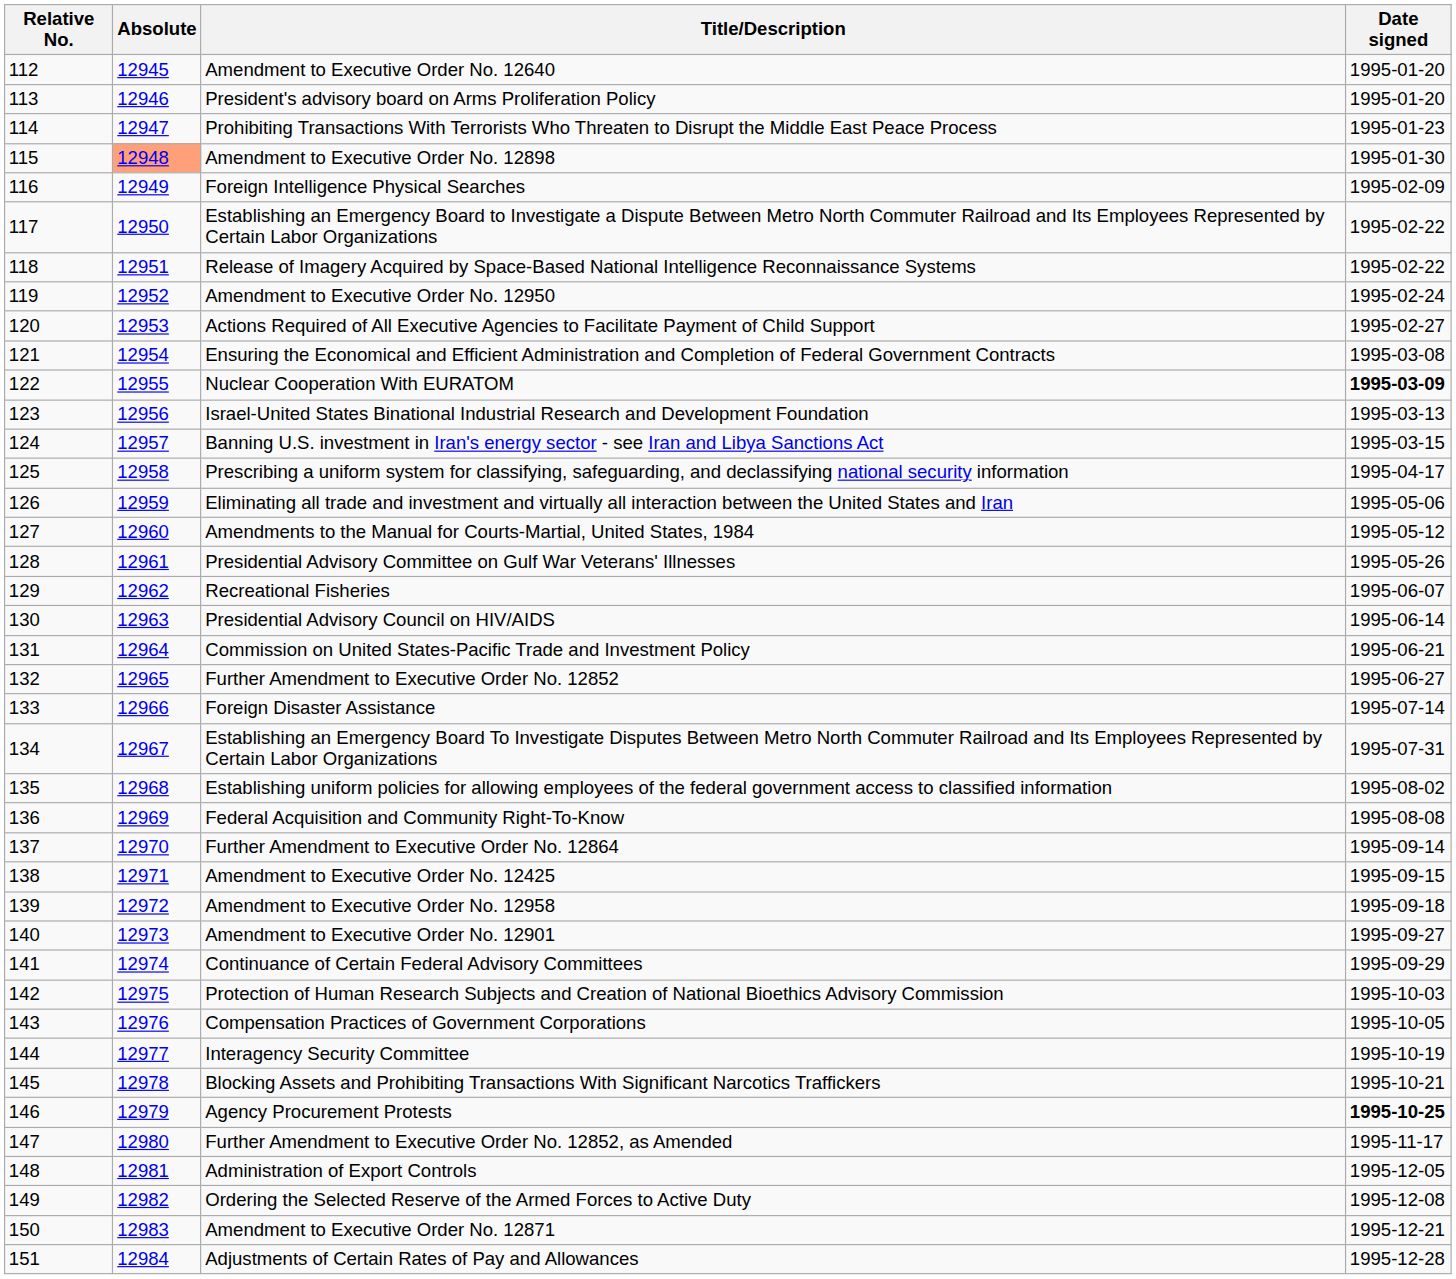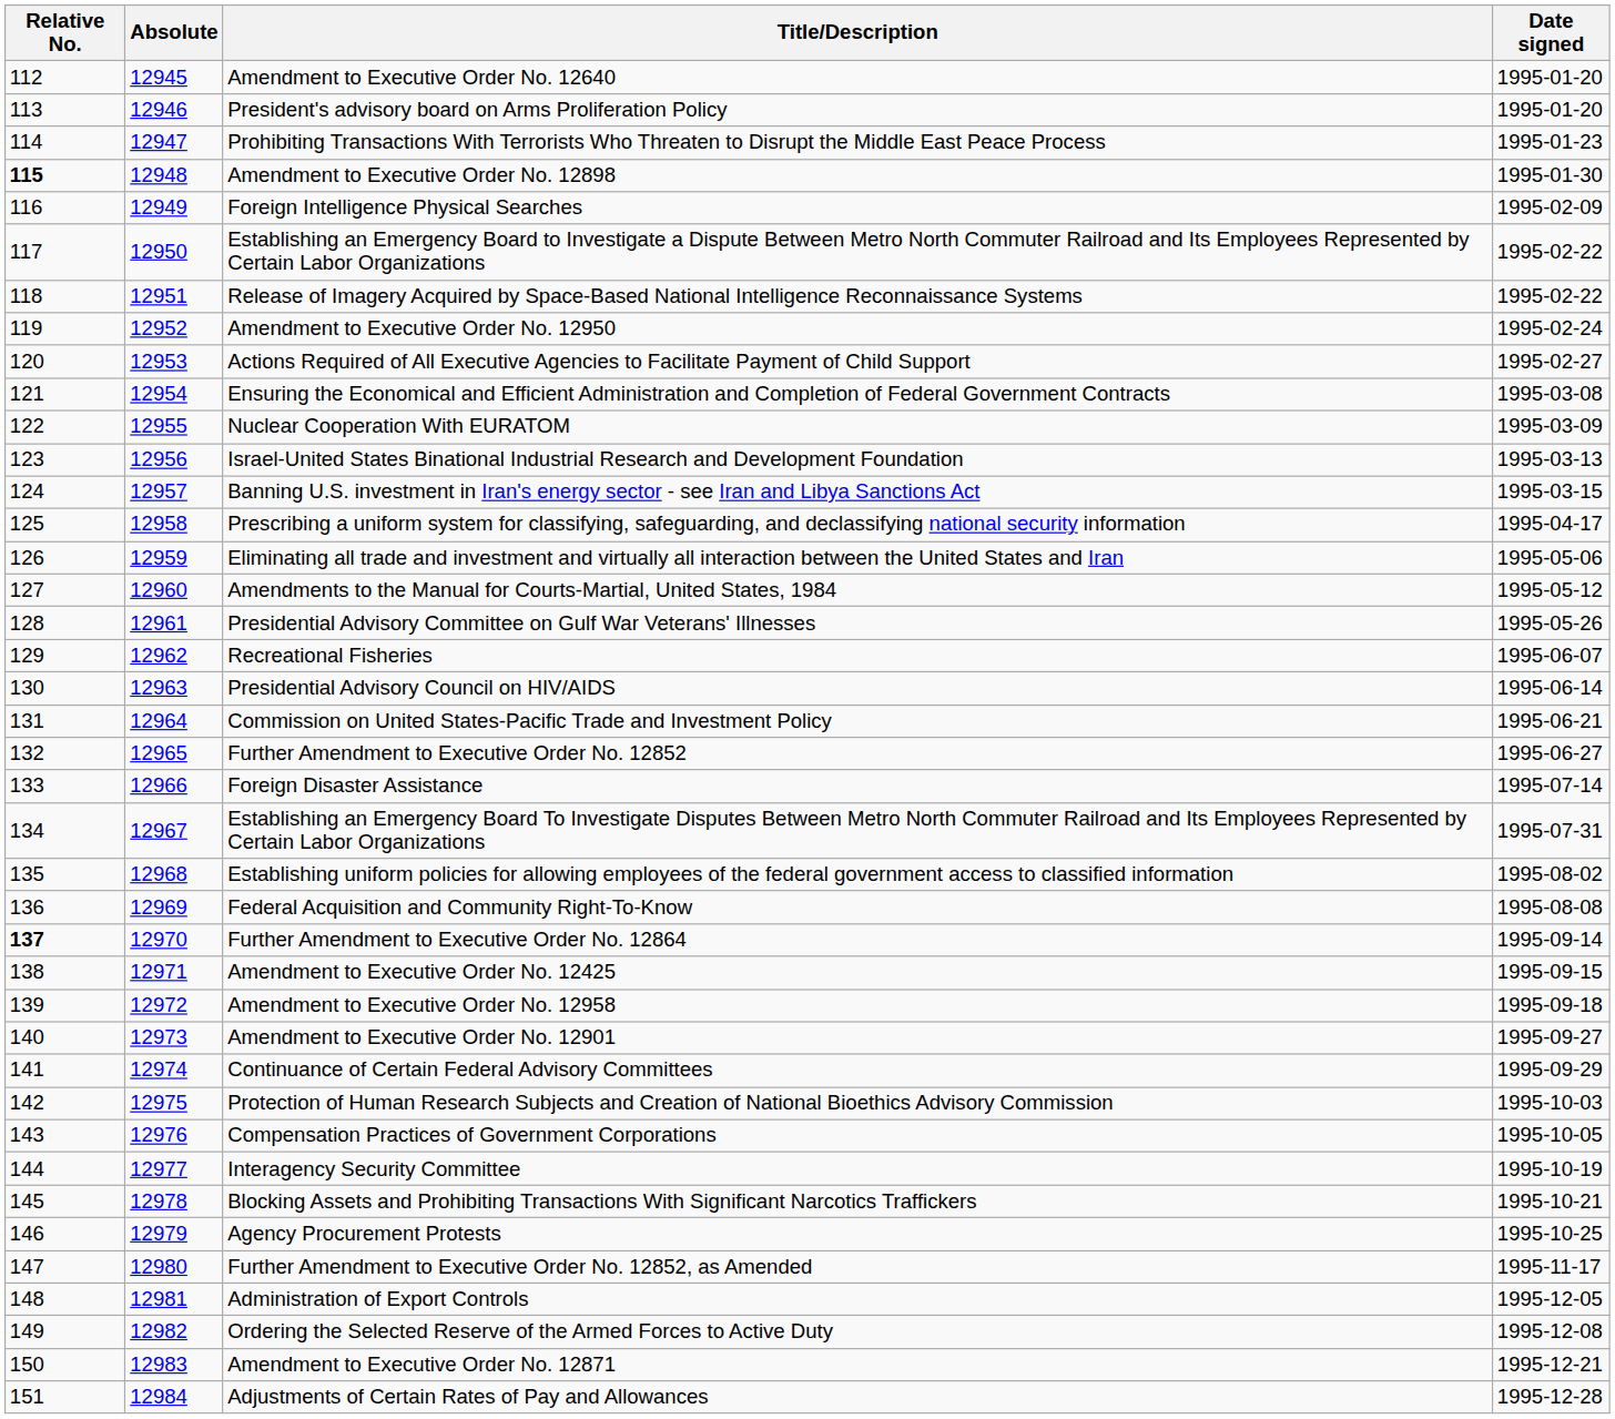 <table class="wikitable">
 <tr>
 <th>Relative No.</th>
 <th>Absolute </th>
 <th>Title/Description</th>
 <th>Date signed</th>
 </tr>
 <tr>
 <td>112</td>
 <td><a href='#'>12945</a></td>
 <td>Amendment to Executive Order No. 12640</td>
 <td>1995-01-20</td>
 </tr>
 <tr>
 <td>113</td>
 <td><a href='#'>12946</a></td>
 <td>President's advisory board on Arms Proliferation Policy</td>
 <td>1995-01-20</td>
 </tr>
 <tr>
 <td>114</td>
 <td><a href='#'>12947</a></td>
 <td>Prohibiting Transactions With Terrorists Who Threaten to Disrupt the Middle East Peace Process</td>
 <td>1995-01-23</td>
 </tr>
 <tr>
-<td>115</td>
-<td style="background: lightsalmon;"><a href='#'>12948</a></td>
+<td><strong>115</strong></td>
+<td><a href='#'>12948</a></td>
 <td>Amendment to Executive Order No. 12898</td>
 <td>1995-01-30</td>
 </tr>
 <tr>
 <td>116</td>
 <td><a href='#'>12949</a></td>
 <td>Foreign Intelligence Physical Searches</td>
 <td>1995-02-09</td>
 </tr>
 <tr>
 <td>117</td>
 <td><a href='#'>12950</a></td>
 <td>Establishing an Emergency Board to Investigate a Dispute Between Metro North Commuter Railroad and Its Employees Represented by Certain Labor Organizations</td>
 <td>1995-02-22</td>
 </tr>
 <tr>
 <td>118</td>
 <td><a href='#'>12951</a></td>
 <td>Release of Imagery Acquired by Space-Based National Intelligence Reconnaissance Systems</td>
 <td>1995-02-22</td>
 </tr>
 <tr>
 <td>119</td>
 <td><a href='#'>12952</a></td>
 <td>Amendment to Executive Order No. 12950</td>
 <td>1995-02-24</td>
 </tr>
 <tr>
 <td>120</td>
 <td><a href='#'>12953</a></td>
 <td>Actions Required of All Executive Agencies to Facilitate Payment of Child Support</td>
 <td>1995-02-27</td>
 </tr>
 <tr>
 <td>121</td>
 <td><a href='#'>12954</a></td>
 <td>Ensuring the Economical and Efficient Administration and Completion of Federal Government Contracts</td>
 <td>1995-03-08</td>
 </tr>
 <tr>
 <td>122</td>
 <td><a href='#'>12955</a></td>
 <td>Nuclear Cooperation With EURATOM</td>
-<td><strong>1995-03-09</strong></td>
+<td>1995-03-09</td>
 </tr>
 <tr>
 <td>123</td>
 <td><a href='#'>12956</a></td>
 <td>Israel-United States Binational Industrial Research and Development Foundation</td>
 <td>1995-03-13</td>
 </tr>
 <tr>
 <td>124</td>
 <td><a href='#'>12957</a></td>
 <td>Banning U.S. investment in <a href='#'>Iran's energy sector</a> - see <a href='#'>Iran and Libya Sanctions Act</a></td>
 <td>1995-03-15</td>
 </tr>
 <tr>
 <td>125</td>
 <td><a href='#'>12958</a></td>
 <td>Prescribing a uniform system for classifying, safeguarding, and declassifying <a href='#'>national security</a> information</td>
 <td>1995-04-17</td>
 </tr>
 <tr>
 <td>126</td>
 <td><a href='#'>12959</a></td>
 <td>Eliminating all trade and investment and virtually all interaction between the United States and <a href='#'>Iran</a></td>
 <td>1995-05-06</td>
 </tr>
 <tr>
 <td>127</td>
 <td><a href='#'>12960</a></td>
 <td>Amendments to the Manual for Courts-Martial, United States, 1984</td>
 <td>1995-05-12</td>
 </tr>
 <tr>
 <td>128</td>
 <td><a href='#'>12961</a></td>
 <td>Presidential Advisory Committee on Gulf War Veterans' Illnesses</td>
 <td>1995-05-26</td>
 </tr>
 <tr>
 <td>129</td>
 <td><a href='#'>12962</a></td>
 <td>Recreational Fisheries</td>
 <td>1995-06-07</td>
 </tr>
 <tr>
 <td>130</td>
 <td><a href='#'>12963</a></td>
 <td>Presidential Advisory Council on HIV/AIDS</td>
 <td>1995-06-14</td>
 </tr>
 <tr>
 <td>131</td>
 <td><a href='#'>12964</a></td>
 <td>Commission on United States-Pacific Trade and Investment Policy</td>
 <td>1995-06-21</td>
 </tr>
 <tr>
 <td>132</td>
 <td><a href='#'>12965</a></td>
 <td>Further Amendment to Executive Order No. 12852</td>
 <td>1995-06-27</td>
 </tr>
 <tr>
 <td>133</td>
 <td><a href='#'>12966</a></td>
 <td>Foreign Disaster Assistance</td>
 <td>1995-07-14</td>
 </tr>
 <tr>
 <td>134</td>
 <td><a href='#'>12967</a></td>
 <td>Establishing an Emergency Board To Investigate Disputes Between Metro North Commuter Railroad and Its Employees Represented by Certain Labor Organizations</td>
 <td>1995-07-31</td>
 </tr>
 <tr>
 <td>135</td>
 <td><a href='#'>12968</a></td>
 <td>Establishing uniform policies for allowing employees of the federal government access to classified information</td>
 <td>1995-08-02</td>
 </tr>
 <tr>
 <td>136</td>
 <td><a href='#'>12969</a></td>
 <td>Federal Acquisition and Community Right-To-Know</td>
 <td>1995-08-08</td>
 </tr>
 <tr>
-<td>137</td>
+<td><strong>137</strong></td>
 <td><a href='#'>12970</a></td>
 <td>Further Amendment to Executive Order No. 12864</td>
 <td>1995-09-14</td>
 </tr>
 <tr>
 <td>138</td>
 <td><a href='#'>12971</a></td>
 <td>Amendment to Executive Order No. 12425</td>
 <td>1995-09-15</td>
 </tr>
 <tr>
 <td>139</td>
 <td><a href='#'>12972</a></td>
 <td>Amendment to Executive Order No. 12958</td>
 <td>1995-09-18</td>
 </tr>
 <tr>
 <td>140</td>
 <td><a href='#'>12973</a></td>
 <td>Amendment to Executive Order No. 12901</td>
 <td>1995-09-27</td>
 </tr>
 <tr>
 <td>141</td>
 <td><a href='#'>12974</a></td>
 <td>Continuance of Certain Federal Advisory Committees</td>
 <td>1995-09-29</td>
 </tr>
 <tr>
 <td>142</td>
 <td><a href='#'>12975</a></td>
 <td>Protection of Human Research Subjects and Creation of National Bioethics Advisory Commission</td>
 <td>1995-10-03</td>
 </tr>
 <tr>
 <td>143</td>
 <td><a href='#'>12976</a></td>
 <td>Compensation Practices of Government Corporations</td>
 <td>1995-10-05</td>
 </tr>
 <tr>
 <td>144</td>
 <td><a href='#'>12977</a></td>
 <td>Interagency Security Committee</td>
 <td>1995-10-19</td>
 </tr>
 <tr>
 <td>145</td>
 <td><a href='#'>12978</a></td>
 <td>Blocking Assets and Prohibiting Transactions With Significant Narcotics Traffickers</td>
 <td>1995-10-21</td>
 </tr>
 <tr>
 <td>146</td>
 <td><a href='#'>12979</a></td>
 <td>Agency Procurement Protests</td>
-<td><strong>1995-10-25</strong></td>
+<td>1995-10-25</td>
 </tr>
 <tr>
 <td>147</td>
 <td><a href='#'>12980</a></td>
 <td>Further Amendment to Executive Order No. 12852, as Amended</td>
 <td>1995-11-17</td>
 </tr>
 <tr>
 <td>148</td>
 <td><a href='#'>12981</a></td>
 <td>Administration of Export Controls</td>
 <td>1995-12-05</td>
 </tr>
 <tr>
 <td>149</td>
 <td><a href='#'>12982</a></td>
 <td>Ordering the Selected Reserve of the Armed Forces to Active Duty</td>
 <td>1995-12-08</td>
 </tr>
 <tr>
 <td>150</td>
 <td><a href='#'>12983</a></td>
 <td>Amendment to Executive Order No. 12871</td>
 <td>1995-12-21</td>
 </tr>
 <tr>
 <td>151</td>
 <td><a href='#'>12984</a></td>
 <td>Adjustments of Certain Rates of Pay and Allowances</td>
 <td>1995-12-28</td>
 </tr>
 </table>
